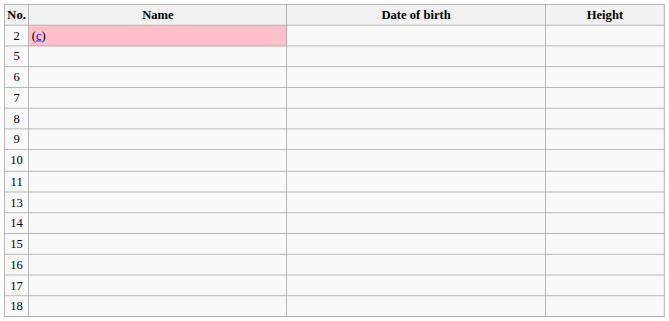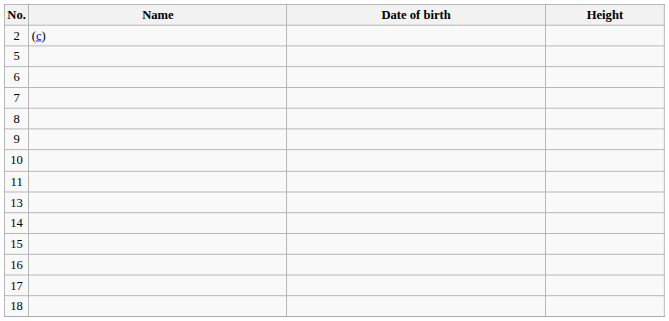 <table class="wikitable sortable" style="font-size:95%; text-align:center;">
 <tr>
 <th>No.</th>
 <th style="width:20em">Name</th>
 <th style="width:20em">Date of birth</th>
 <th style="width:9em">Height</th>
 </tr>
 <tr>
 <td>2</td>
-<td align=left style="background: pink;">  (<a href='#'>c</a>)</td>
+<td align=left>  (<a href='#'>c</a>)</td>
 <td align=right></td>
 <td></td>
 </tr>
 <tr>
 <td>5</td>
 <td align=left> </td>
 <td align=right></td>
 <td></td>
 </tr>
 <tr>
 <td>6</td>
 <td align=left> </td>
 <td align=right></td>
 <td></td>
 </tr>
 <tr>
 <td>7</td>
 <td align=left> </td>
 <td align=right></td>
 <td></td>
 </tr>
 <tr>
 <td>8</td>
 <td align=left> </td>
 <td align=right></td>
 <td></td>
 </tr>
 <tr>
 <td>9</td>
 <td align=left> </td>
 <td align=right></td>
 <td></td>
 </tr>
 <tr>
 <td>10</td>
 <td align=left> </td>
 <td align=right></td>
 <td></td>
 </tr>
 <tr>
 <td>11</td>
 <td align=left> </td>
 <td align=right></td>
 <td></td>
 </tr>
 <tr>
 <td>13</td>
 <td align=left> </td>
 <td align=right></td>
 <td></td>
 </tr>
 <tr>
 <td>14</td>
 <td align=left> </td>
 <td align=right></td>
 <td></td>
 </tr>
 <tr>
 <td>15</td>
 <td align=left> </td>
 <td align=right></td>
 <td></td>
 </tr>
 <tr>
 <td>16</td>
 <td align=left> </td>
 <td align=right></td>
 <td></td>
 </tr>
 <tr>
 <td>17</td>
 <td align=left> </td>
 <td align=right></td>
 <td></td>
 </tr>
 <tr>
 <td>18</td>
 <td align=left> </td>
 <td align=right></td>
 <td></td>
 </tr>
 <tr>
 </tr>
 </table>
